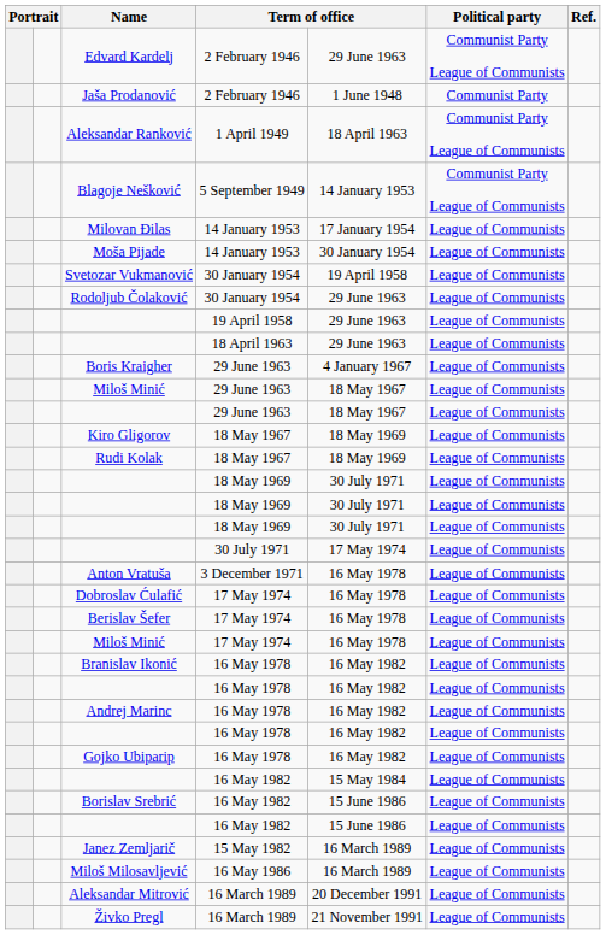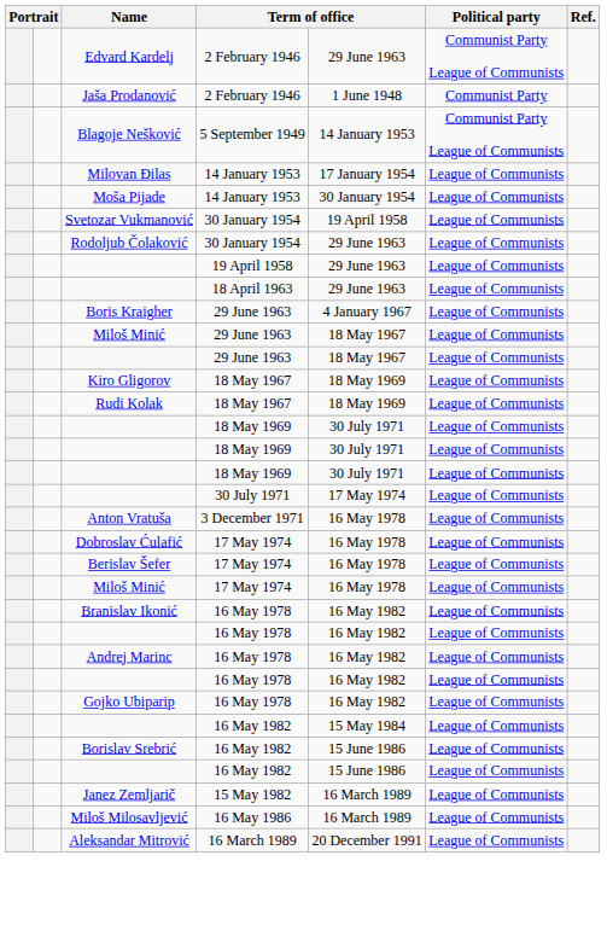 <table class="wikitable" style="text-align:center">
 <tr>
 <th colspan="2">Portrait</th>
 <th>Name<br></th>
 <th colspan="2">Term of office</th>
 <th>Political party</th>
 <th>Ref.</th>
 </tr>
 <tr>
 <th style="background:"></th>
 <td></td>
 <td><a href='#'>Edvard Kardelj</a><br></td>
 <td>2 February 1946</td>
 <td>29 June 1963</td>
 <td><a href='#'>Communist Party</a><br><br><a href='#'>League of Communists</a></td>
 <td></td>
 </tr>
 <tr>
 <th style="background:"></th>
 <td></td>
 <td><a href='#'>Jaša Prodanović</a><br></td>
 <td>2 February 1946</td>
 <td>1 June 1948</td>
 <td><a href='#'>Communist Party</a></td>
-<td></td>
-</tr>
-<tr>
-<th style="background:"></th>
-<td></td>
-<td><a href='#'>Aleksandar Ranković</a><br></td>
-<td>1 April 1949</td>
-<td>18 April 1963</td>
-<td><a href='#'>Communist Party</a><br><br><a href='#'>League of Communists</a></td>
 <td></td>
 </tr>
 <tr>
 <th style="background:"></th>
 <td></td>
 <td><a href='#'>Blagoje Nešković</a><br></td>
 <td>5 September 1949</td>
 <td>14 January 1953</td>
 <td><a href='#'>Communist Party</a><br><br><a href='#'>League of Communists</a></td>
 <td></td>
 </tr>
 <tr>
 <th style="background:"></th>
 <td></td>
 <td><a href='#'>Milovan Đilas</a><br></td>
 <td>14 January 1953</td>
 <td>17 January 1954</td>
 <td><a href='#'>League of Communists</a></td>
 <td></td>
 </tr>
 <tr>
 <th style="background:"></th>
 <td></td>
 <td><a href='#'>Moša Pijade</a><br></td>
 <td>14 January 1953</td>
 <td>30 January 1954</td>
 <td><a href='#'>League of Communists</a></td>
 <td></td>
 </tr>
 <tr>
 <th style="background:"></th>
 <td></td>
 <td><a href='#'>Svetozar Vukmanović</a><br></td>
 <td>30 January 1954</td>
 <td>19 April 1958</td>
 <td><a href='#'>League of Communists</a></td>
 <td></td>
 </tr>
 <tr>
 <th style="background:"></th>
 <td></td>
 <td><a href='#'>Rodoljub Čolaković</a><br></td>
 <td>30 January 1954</td>
 <td>29 June 1963</td>
 <td><a href='#'>League of Communists</a></td>
 <td></td>
 </tr>
 <tr>
 <th style="background:"></th>
 <td></td>
 <td><br></td>
 <td>19 April 1958</td>
 <td>29 June 1963</td>
 <td><a href='#'>League of Communists</a></td>
 <td></td>
 </tr>
 <tr>
 <th style="background:"></th>
 <td></td>
 <td><br></td>
 <td>18 April 1963</td>
 <td>29 June 1963</td>
 <td><a href='#'>League of Communists</a></td>
 <td></td>
 </tr>
 <tr>
 <th style="background:"></th>
 <td></td>
 <td><a href='#'>Boris Kraigher</a><br></td>
 <td>29 June 1963</td>
 <td>4 January 1967</td>
 <td><a href='#'>League of Communists</a></td>
 <td></td>
 </tr>
 <tr>
 <th style="background:"></th>
 <td></td>
 <td><a href='#'>Miloš Minić</a><br></td>
 <td>29 June 1963</td>
 <td>18 May 1967</td>
 <td><a href='#'>League of Communists</a></td>
 <td></td>
 </tr>
 <tr>
 <th style="background:"></th>
 <td></td>
 <td><br></td>
 <td>29 June 1963</td>
 <td>18 May 1967</td>
 <td><a href='#'>League of Communists</a></td>
 <td></td>
 </tr>
 <tr>
 <th style="background:"></th>
 <td></td>
 <td><a href='#'>Kiro Gligorov</a><br></td>
 <td>18 May 1967</td>
 <td>18 May 1969</td>
 <td><a href='#'>League of Communists</a></td>
 <td></td>
 </tr>
 <tr>
 <th style="background:"></th>
 <td></td>
 <td><a href='#'>Rudi Kolak</a><br></td>
 <td>18 May 1967</td>
 <td>18 May 1969</td>
 <td><a href='#'>League of Communists</a></td>
 <td></td>
 </tr>
 <tr>
 <th style="background:"></th>
 <td></td>
 <td><br></td>
 <td>18 May 1969</td>
 <td>30 July 1971</td>
 <td><a href='#'>League of Communists</a></td>
 <td></td>
 </tr>
 <tr>
 <th style="background:"></th>
 <td></td>
 <td><br></td>
 <td>18 May 1969</td>
 <td>30 July 1971</td>
 <td><a href='#'>League of Communists</a></td>
 <td></td>
 </tr>
 <tr>
 <th style="background:"></th>
 <td></td>
 <td><br></td>
 <td>18 May 1969</td>
 <td>30 July 1971</td>
 <td><a href='#'>League of Communists</a></td>
 <td></td>
 </tr>
 <tr>
 <th style="background:"></th>
 <td></td>
 <td><br></td>
 <td>30 July 1971</td>
 <td>17 May 1974</td>
 <td><a href='#'>League of Communists</a></td>
 <td></td>
 </tr>
 <tr>
 <th style="background:"></th>
 <td></td>
 <td><a href='#'>Anton Vratuša</a><br></td>
 <td>3 December 1971</td>
 <td>16 May 1978</td>
 <td><a href='#'>League of Communists</a></td>
 <td></td>
 </tr>
 <tr>
 <th style="background:"></th>
 <td></td>
 <td><a href='#'>Dobroslav Ćulafić</a><br></td>
 <td>17 May 1974</td>
 <td>16 May 1978</td>
 <td><a href='#'>League of Communists</a></td>
 <td></td>
 </tr>
 <tr>
 <th style="background:"></th>
 <td></td>
 <td><a href='#'>Berislav Šefer</a><br></td>
 <td>17 May 1974</td>
 <td>16 May 1978</td>
 <td><a href='#'>League of Communists</a></td>
 <td></td>
 </tr>
 <tr>
 <th style="background:"></th>
 <td></td>
 <td><a href='#'>Miloš Minić</a><br></td>
 <td>17 May 1974</td>
 <td>16 May 1978</td>
 <td><a href='#'>League of Communists</a></td>
 <td></td>
 </tr>
 <tr>
 <th style="background:"></th>
 <td></td>
 <td><a href='#'>Branislav Ikonić</a><br></td>
 <td>16 May 1978</td>
 <td>16 May 1982</td>
 <td><a href='#'>League of Communists</a></td>
 <td></td>
 </tr>
 <tr>
 <th style="background:"></th>
 <td></td>
 <td><br></td>
 <td>16 May 1978</td>
 <td>16 May 1982</td>
 <td><a href='#'>League of Communists</a></td>
 <td></td>
 </tr>
 <tr>
 <th style="background:"></th>
 <td></td>
 <td><a href='#'>Andrej Marinc</a><br></td>
 <td>16 May 1978</td>
 <td>16 May 1982</td>
 <td><a href='#'>League of Communists</a></td>
 <td></td>
 </tr>
 <tr>
 <th style="background:"></th>
 <td></td>
 <td><br></td>
 <td>16 May 1978</td>
 <td>16 May 1982</td>
 <td><a href='#'>League of Communists</a></td>
 <td></td>
 </tr>
 <tr>
 <th style="background:"></th>
 <td></td>
 <td><a href='#'>Gojko Ubiparip</a><br></td>
 <td>16 May 1978</td>
 <td>16 May 1982</td>
 <td><a href='#'>League of Communists</a></td>
 <td></td>
 </tr>
 <tr>
 <th style="background:"></th>
 <td></td>
 <td><br></td>
 <td>16 May 1982</td>
 <td>15 May 1984</td>
 <td><a href='#'>League of Communists</a></td>
 <td></td>
 </tr>
 <tr>
 <th style="background:"></th>
 <td></td>
 <td><a href='#'>Borislav Srebrić</a><br></td>
 <td>16 May 1982</td>
 <td>15 June 1986</td>
 <td><a href='#'>League of Communists</a></td>
 <td></td>
 </tr>
 <tr>
 <th style="background:"></th>
 <td></td>
 <td><br></td>
 <td>16 May 1982</td>
 <td>15 June 1986</td>
 <td><a href='#'>League of Communists</a></td>
 <td></td>
 </tr>
 <tr>
 <th style="background:"></th>
 <td></td>
 <td><a href='#'>Janez Zemljarič</a><br></td>
 <td>15 May 1982</td>
 <td>16 March 1989</td>
 <td><a href='#'>League of Communists</a></td>
 <td></td>
 </tr>
 <tr>
 <th style="background:"></th>
 <td></td>
 <td><a href='#'>Miloš Milosavljević</a><br></td>
 <td>16 May 1986</td>
 <td>16 March 1989</td>
 <td><a href='#'>League of Communists</a></td>
 <td></td>
 </tr>
 <tr>
 <th style="background:"></th>
 <td></td>
 <td><a href='#'>Aleksandar Mitrović</a><br></td>
 <td>16 March 1989</td>
 <td>20 December 1991</td>
 <td><a href='#'>League of Communists</a></td>
 <td></td>
 </tr>
-<tr>
-<th style="background:"></th>
-<td></td>
-<td><a href='#'>Živko Pregl</a><br></td>
-<td>16 March 1989</td>
-<td>21 November 1991</td>
-<td><a href='#'>League of Communists</a></td>
-<td></td>
-</tr>
 </table>
